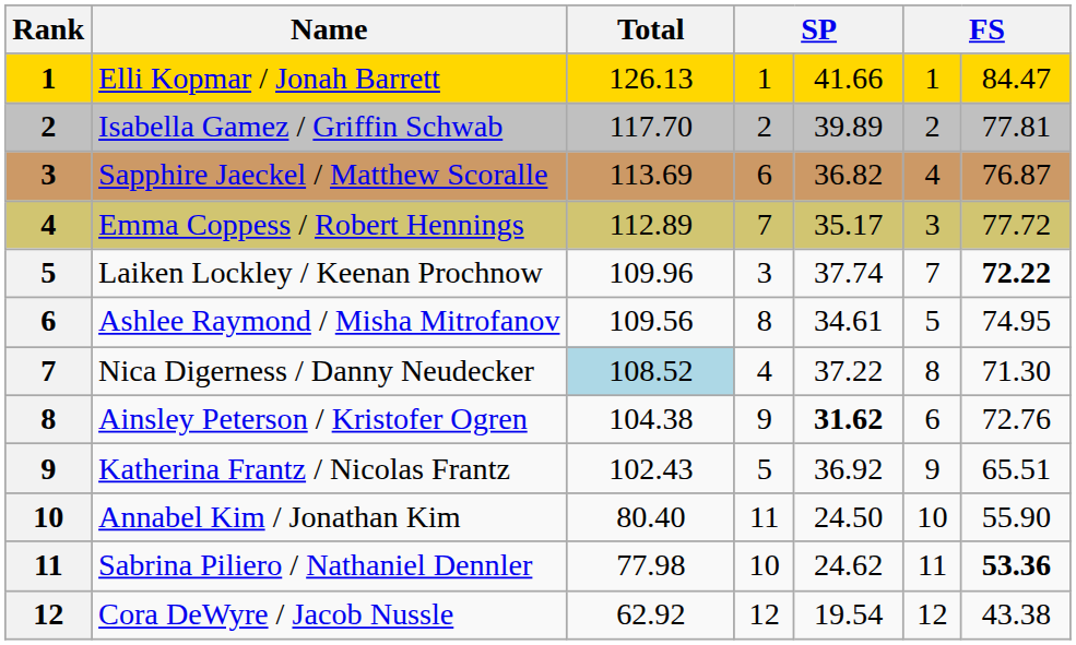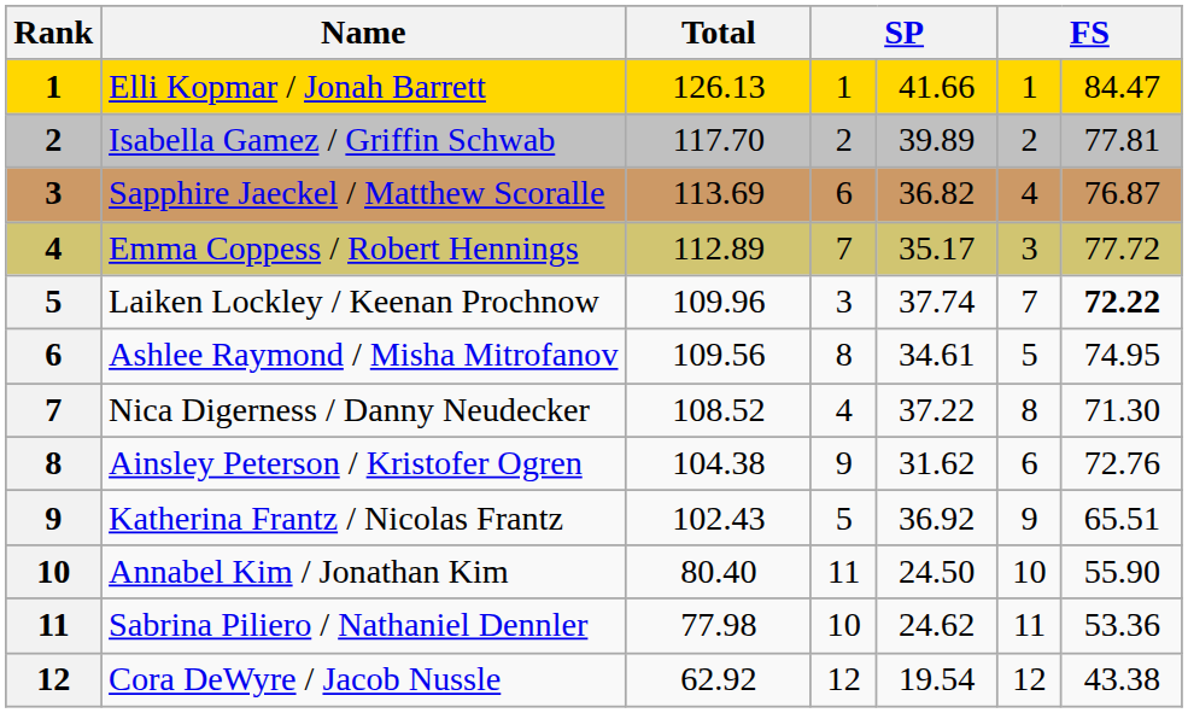 <table class="wikitable sortable">
 <tr>
 <th>Rank</th>
 <th>Name</th>
 <th width="80px">Total</th>
 <th colspan="2" width="80px"><a href='#'>SP</a></th>
 <th colspan="2" width="80px"><a href='#'>FS</a></th>
 </tr>
 <tr bgcolor="gold">
 <td align="center"><strong>1</strong></td>
 <td><a href='#'>Elli Kopmar</a> / <a href='#'>Jonah Barrett</a></td>
 <td align="center">126.13</td>
 <td align="center">1</td>
 <td align="center">41.66</td>
 <td align="center">1</td>
 <td align="center">84.47</td>
 </tr>
 <tr bgcolor="silver">
 <td align="center"><strong>2</strong></td>
 <td><a href='#'>Isabella Gamez</a> / <a href='#'>Griffin Schwab</a></td>
 <td align="center">117.70</td>
 <td align="center">2</td>
 <td align="center">39.89</td>
 <td align="center">2</td>
 <td align="center">77.81</td>
 </tr>
 <tr bgcolor="cc9966">
 <td align="center"><strong>3</strong></td>
 <td><a href='#'>Sapphire Jaeckel</a> / <a href='#'>Matthew Scoralle</a></td>
 <td align="center">113.69</td>
 <td align="center">6</td>
 <td align="center">36.82</td>
 <td align="center">4</td>
 <td align="center">76.87</td>
 </tr>
 <tr bgcolor="#d1c571">
 <td align="center"><strong>4</strong></td>
 <td><a href='#'>Emma Coppess</a> / <a href='#'>Robert Hennings</a></td>
 <td align="center">112.89</td>
 <td align="center">7</td>
 <td align="center">35.17</td>
 <td align="center">3</td>
 <td align="center">77.72</td>
 </tr>
 <tr>
 <th>5</th>
 <td>Laiken Lockley / Keenan Prochnow</td>
 <td align="center">109.96</td>
 <td align="center">3</td>
 <td align="center">37.74</td>
 <td align="center">7</td>
 <td align="center"><strong>72.22</strong></td>
 </tr>
 <tr>
 <th>6</th>
 <td><a href='#'>Ashlee Raymond</a> / <a href='#'>Misha Mitrofanov</a></td>
 <td align="center">109.56</td>
 <td align="center">8</td>
 <td align="center">34.61</td>
 <td align="center">5</td>
 <td align="center">74.95</td>
 </tr>
 <tr>
 <th>7</th>
 <td>Nica Digerness / Danny Neudecker</td>
-<td align="center" style="background: lightblue;">108.52</td>
+<td align="center">108.52</td>
 <td align="center">4</td>
 <td align="center">37.22</td>
 <td align="center">8</td>
 <td align="center">71.30</td>
 </tr>
 <tr>
 <th>8</th>
 <td><a href='#'>Ainsley Peterson</a> / <a href='#'>Kristofer Ogren</a></td>
 <td align="center">104.38</td>
 <td align="center">9</td>
-<td align="center"><strong>31.62</strong></td>
+<td align="center">31.62</td>
 <td align="center">6</td>
 <td align="center">72.76</td>
 </tr>
 <tr>
 <th>9</th>
 <td><a href='#'>Katherina Frantz</a> / Nicolas Frantz</td>
 <td align="center">102.43</td>
 <td align="center">5</td>
 <td align="center">36.92</td>
 <td align="center">9</td>
 <td align="center">65.51</td>
 </tr>
 <tr>
 <th>10</th>
 <td><a href='#'>Annabel Kim</a> / Jonathan Kim</td>
 <td align="center">80.40</td>
 <td align="center">11</td>
 <td align="center">24.50</td>
 <td align="center">10</td>
 <td align="center">55.90</td>
 </tr>
 <tr>
 <th>11</th>
 <td><a href='#'>Sabrina Piliero</a> / <a href='#'>Nathaniel Dennler</a></td>
 <td align="center">77.98</td>
 <td align="center">10</td>
 <td align="center">24.62</td>
 <td align="center">11</td>
-<td align="center"><strong>53.36</strong></td>
+<td align="center">53.36</td>
 </tr>
 <tr>
 <th>12</th>
 <td><a href='#'>Cora DeWyre</a> / <a href='#'>Jacob Nussle</a></td>
 <td align="center">62.92</td>
 <td align="center">12</td>
 <td align="center">19.54</td>
 <td align="center">12</td>
 <td align="center">43.38</td>
 </tr>
 </table>
